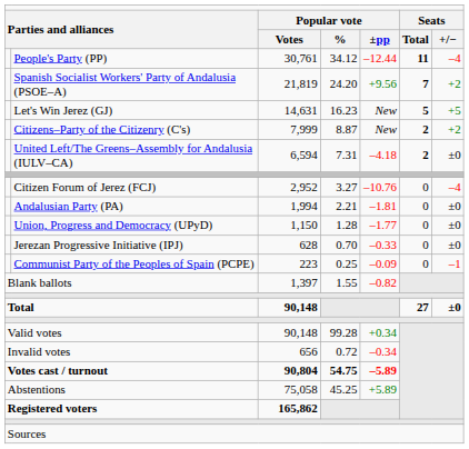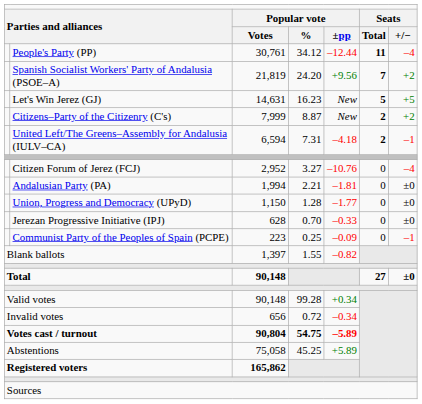 <table class="wikitable" style="text-align:right;">
 <tr>
 <td colspan="7"></td>
 </tr>
 <tr>
 <th style="text-align:left;" rowspan="2" colspan="2" width="525">Parties and alliances</th>
 <th colspan="3">Popular vote</th>
 <th colspan="2">Seats</th>
 </tr>
 <tr>
 <th width="75">Votes</th>
 <th width="45">%</th>
 <th width="45">±<a href='#'>pp</a></th>
 <th width="35">Total</th>
 <th width="35">+/−</th>
 </tr>
 <tr>
 <td width="1" style="color:inherit;background:"></td>
 <td align="left"><a href='#'>People's Party</a> (PP)</td>
 <td>30,761</td>
 <td>34.12</td>
 <td style="color:red;">–12.44</td>
 <td><strong>11</strong></td>
 <td style="color:red;">–4</td>
 </tr>
 <tr>
 <td style="color:inherit;background:"></td>
 <td align="left"><a href='#'>Spanish Socialist Workers' Party of Andalusia</a> (PSOE–A)</td>
 <td>21,819</td>
 <td>24.20</td>
 <td style="color:green;">+9.56</td>
 <td><strong>7</strong></td>
 <td style="color:green;">+2</td>
 </tr>
 <tr>
 <td style="color:inherit;background:"></td>
 <td align="left">Let's Win Jerez (GJ)</td>
 <td>14,631</td>
 <td>16.23</td>
 <td><em>New</em></td>
 <td><strong>5</strong></td>
 <td style="color:green;">+5</td>
 </tr>
 <tr>
 <td style="color:inherit;background:"></td>
 <td align="left"><a href='#'>Citizens–Party of the Citizenry</a> (C's)</td>
 <td>7,999</td>
 <td>8.87</td>
 <td><em>New</em></td>
 <td><strong>2</strong></td>
 <td style="color:green;">+2</td>
 </tr>
 <tr>
 <td style="color:inherit;background:"></td>
 <td align="left"><a href='#'>United Left/The Greens–Assembly for Andalusia</a> (IULV–CA)</td>
 <td>6,594</td>
 <td>7.31</td>
 <td style="color:red;">–4.18</td>
 <td><strong>2</strong></td>
-<td>±0</td>
+<td style="color:red;">–1</td>
 </tr>
 <tr>
 <td colspan="7" bgcolor="#C0C0C0"></td>
 </tr>
 <tr>
 <td style="color:inherit;background:"></td>
 <td align="left">Citizen Forum of Jerez (FCJ)</td>
 <td>2,952</td>
 <td>3.27</td>
 <td style="color:red;">–10.76</td>
 <td>0</td>
 <td style="color:red;">–4</td>
 </tr>
 <tr>
 <td style="color:inherit;background:"></td>
 <td align="left"><a href='#'>Andalusian Party</a> (PA)</td>
 <td>1,994</td>
 <td>2.21</td>
 <td style="color:red;">–1.81</td>
 <td>0</td>
 <td>±0</td>
 </tr>
 <tr>
 <td style="color:inherit;background:"></td>
 <td align="left"><a href='#'>Union, Progress and Democracy</a> (UPyD)</td>
 <td>1,150</td>
 <td>1.28</td>
 <td style="color:red;">–1.77</td>
 <td>0</td>
 <td>±0</td>
 </tr>
 <tr>
 <td style="color:inherit;background:"></td>
 <td align="left">Jerezan Progressive Initiative (IPJ)</td>
 <td>628</td>
 <td>0.70</td>
 <td style="color:red;">–0.33</td>
 <td>0</td>
 <td>±0</td>
 </tr>
 <tr>
 <td style="color:inherit;background:"></td>
 <td align="left"><a href='#'>Communist Party of the Peoples of Spain</a> (PCPE)</td>
 <td>223</td>
 <td>0.25</td>
 <td style="color:red;">–0.09</td>
 <td>0</td>
 <td style="color:red;">–1</td>
 </tr>
 <tr>
 <td align="left" colspan="2">Blank ballots</td>
 <td>1,397</td>
 <td>1.55</td>
 <td style="color:red;">–0.82</td>
 <td bgcolor="#E9E9E9" colspan="2"></td>
 </tr>
 <tr>
 <td colspan="7" bgcolor="#E9E9E9"></td>
 </tr>
 <tr style="font-weight:bold;">
 <td align="left" colspan="2">Total</td>
 <td>90,148</td>
 <td bgcolor="#E9E9E9" colspan="2"></td>
 <td>27</td>
 <td>±0</td>
 </tr>
 <tr>
 <td colspan="7" bgcolor="#E9E9E9"></td>
 </tr>
 <tr>
 <td align="left" colspan="2">Valid votes</td>
 <td>90,148</td>
 <td>99.28</td>
 <td style="color:green;">+0.34</td>
 <td bgcolor="#E9E9E9" colspan="2" rowspan="5"></td>
 </tr>
 <tr>
 <td align="left" colspan="2">Invalid votes</td>
 <td>656</td>
 <td>0.72</td>
 <td style="color:red;">–0.34</td>
 </tr>
 <tr style="font-weight:bold;">
 <td align="left" colspan="2">Votes cast / turnout</td>
 <td>90,804</td>
 <td>54.75</td>
 <td style="color:red;">–5.89</td>
 </tr>
 <tr>
 <td align="left" colspan="2">Abstentions</td>
 <td>75,058</td>
 <td>45.25</td>
 <td style="color:green;">+5.89</td>
 </tr>
 <tr style="font-weight:bold;">
 <td align="left" colspan="2">Registered voters</td>
 <td>165,862</td>
 <td bgcolor="#E9E9E9" colspan="2"></td>
 </tr>
 <tr>
 <td colspan="7" bgcolor="#E9E9E9"></td>
 </tr>
 <tr>
 <td align="left" colspan="7">Sources</td>
 </tr>
 </table>
